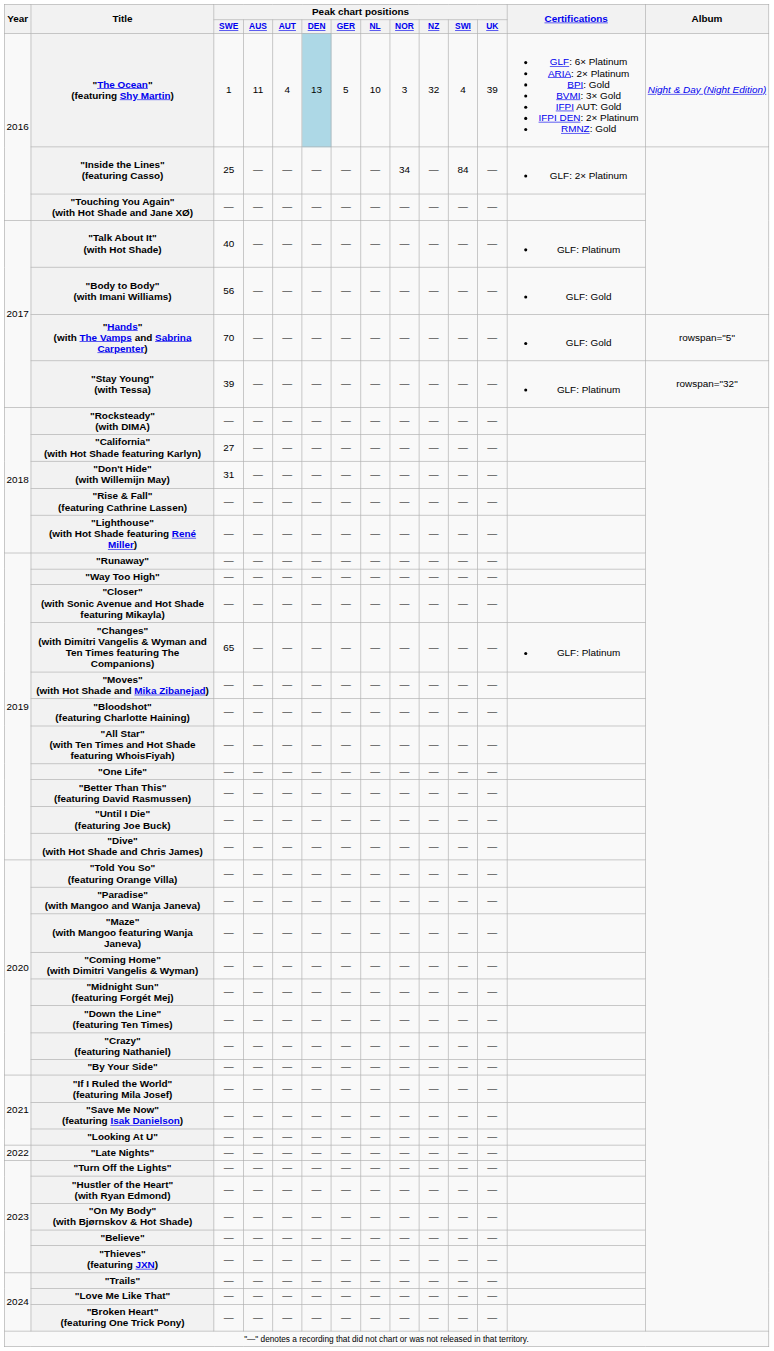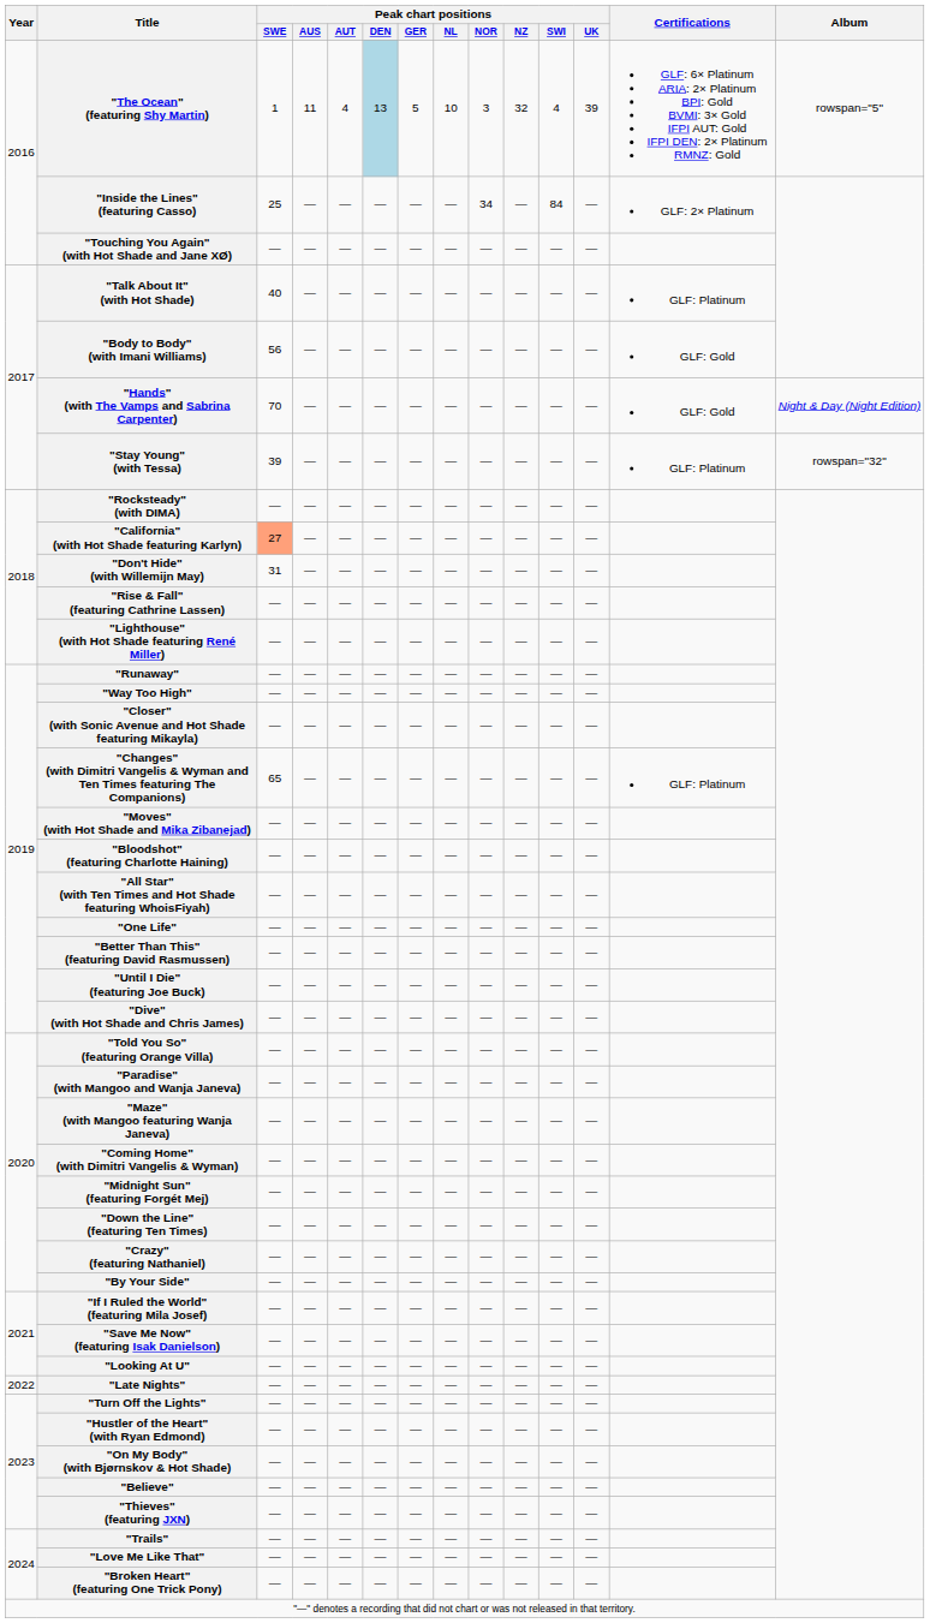 <table class="wikitable plainrowheaders" style="text-align:center;">
 <tr>
 <th scope="col" rowspan="2">Year</th>
 <th scope="col" rowspan="2" style="width:18em;">Title</th>
 <th scope="col" colspan="10">Peak chart positions</th>
 <th scope="col" rowspan="2" style="width:13.5em;"><a href='#'>Certifications</a></th>
 <th scope="col" rowspan="2">Album</th>
 </tr>
 <tr>
 <th scope="col" style="width:3em;font-size:85%;"><a href='#'>SWE</a><br></th>
 <th scope="col" style="width:3em;font-size:85%;"><a href='#'>AUS</a><br></th>
 <th scope="col" style="width:3em;font-size:85%;"><a href='#'>AUT</a><br></th>
 <th scope="col" style="width:3em;font-size:85%;"><a href='#'>DEN</a><br></th>
 <th scope="col" style="width:3em;font-size:85%;"><a href='#'>GER</a><br></th>
 <th scope="col" style="width:3em;font-size:85%;"><a href='#'>NL</a><br></th>
 <th scope="col" style="width:3em;font-size:85%;"><a href='#'>NOR</a><br></th>
 <th scope="col" style="width:3em;font-size:85%;"><a href='#'>NZ</a><br></th>
 <th scope="col" style="width:3em;font-size:85%;"><a href='#'>SWI</a><br></th>
 <th scope="col" style="width:3em;font-size:85%;"><a href='#'>UK</a><br></th>
 </tr>
 <tr>
 <td rowspan="3">2016</td>
 <th scope="row">"<a href='#'>The Ocean</a>"<br><span>(featuring <a href='#'>Shy Martin</a>)</span></th>
 <td>1</td>
 <td>11</td>
 <td>4</td>
 <td style="background: lightblue;">13</td>
 <td>5</td>
 <td>10</td>
 <td>3</td>
 <td>32</td>
 <td>4</td>
 <td>39</td>
 <td><br><ul><li><a href='#'>GLF</a>: 6× Platinum</li><li><a href='#'>ARIA</a>: 2× Platinum</li><li><a href='#'>BPI</a>: Gold</li><li><a href='#'>BVMI</a>: 3× Gold</li><li><a href='#'>IFPI</a> AUT: Gold</li><li><a href='#'>IFPI DEN</a>: 2× Platinum</li><li><a href='#'>RMNZ</a>: Gold</li></ul></td>
-<td><em><a href='#'>Night & Day (Night Edition)</a></em></td>
+<td>rowspan="5" </td>
 </tr>
 <tr>
 <th scope="row">"Inside the Lines"<br><span>(featuring Casso)</span></th>
 <td>25</td>
 <td>—</td>
 <td>—</td>
 <td>—</td>
 <td>—</td>
 <td>—</td>
 <td>34</td>
 <td>—</td>
 <td>84</td>
 <td>—</td>
 <td><br><ul><li>GLF: 2× Platinum</li></ul></td>
 </tr>
 <tr>
 <th scope="row">"Touching You Again"<br><span>(with Hot Shade and Jane XØ)</span></th>
 <td>—</td>
 <td>—</td>
 <td>—</td>
 <td>—</td>
 <td>—</td>
 <td>—</td>
 <td>—</td>
 <td>—</td>
 <td>—</td>
 <td>—</td>
 <td></td>
 </tr>
 <tr>
 <td rowspan="4">2017</td>
 <th scope="row">"Talk About It"<br><span>(with Hot Shade)</span></th>
 <td>40</td>
 <td>—</td>
 <td>—</td>
 <td>—</td>
 <td>—</td>
 <td>—</td>
 <td>—</td>
 <td>—</td>
 <td>—</td>
 <td>—</td>
 <td><br><ul><li>GLF: Platinum</li></ul></td>
 </tr>
 <tr>
 <th scope="row">"Body to Body"<br><span>(with Imani Williams)</span></th>
 <td>56</td>
 <td>—</td>
 <td>—</td>
 <td>—</td>
 <td>—</td>
 <td>—</td>
 <td>—</td>
 <td>—</td>
 <td>—</td>
 <td>—</td>
 <td><br><ul><li>GLF: Gold</li></ul></td>
 </tr>
 <tr>
 <th scope="row">"<a href='#'>Hands</a>" <br><span>(with <a href='#'>The Vamps</a> and <a href='#'>Sabrina Carpenter</a>)</span></th>
 <td>70</td>
 <td>—</td>
 <td>—</td>
 <td>—</td>
 <td>—</td>
 <td>—</td>
 <td>—</td>
 <td>—</td>
 <td>—</td>
 <td>—</td>
 <td><br><ul><li>GLF: Gold</li></ul></td>
-<td>rowspan="5" </td>
+<td><em><a href='#'>Night & Day (Night Edition)</a></em></td>
 </tr>
 <tr>
 <th scope="row">"Stay Young"<br><span>(with Tessa)</span></th>
 <td>39<br></td>
 <td>—</td>
 <td>—</td>
 <td>—</td>
 <td>—</td>
 <td>—</td>
 <td>—</td>
 <td>—</td>
 <td>—</td>
 <td>—</td>
 <td><br><ul><li>GLF: Platinum</li></ul></td>
 <td>rowspan="32" </td>
 </tr>
 <tr>
 <td rowspan="5">2018</td>
 <th scope="row">"Rocksteady"<br><span>(with DIMA)</span></th>
 <td>—</td>
 <td>—</td>
 <td>—</td>
 <td>—</td>
 <td>—</td>
 <td>—</td>
 <td>—</td>
 <td>—</td>
 <td>—</td>
 <td>—</td>
 <td></td>
 </tr>
 <tr>
 <th scope="row">"California"<br><span>(with Hot Shade featuring Karlyn)</span></th>
-<td>27</td>
+<td style="background: lightsalmon;">27</td>
 <td>—</td>
 <td>—</td>
 <td>—</td>
 <td>—</td>
 <td>—</td>
 <td>—</td>
 <td>—</td>
 <td>—</td>
 <td>—</td>
 <td></td>
 </tr>
 <tr>
 <th scope="row">"Don't Hide" <br><span>(with Willemijn May)</span></th>
 <td>31<br></td>
 <td>—</td>
 <td>—</td>
 <td>—</td>
 <td>—</td>
 <td>—</td>
 <td>—</td>
 <td>—</td>
 <td>—</td>
 <td>—</td>
 <td></td>
 </tr>
 <tr>
 <th scope="row">"Rise & Fall" <br><span>(featuring Cathrine Lassen)</span></th>
 <td>—</td>
 <td>—</td>
 <td>—</td>
 <td>—</td>
 <td>—</td>
 <td>—</td>
 <td>—</td>
 <td>—</td>
 <td>—</td>
 <td>—</td>
 <td></td>
 </tr>
 <tr>
 <th scope="row">"Lighthouse" <br><span>(with Hot Shade featuring <a href='#'>René Miller</a>)</span></th>
 <td>—</td>
 <td>—</td>
 <td>—</td>
 <td>—</td>
 <td>—</td>
 <td>—</td>
 <td>—</td>
 <td>—</td>
 <td>—</td>
 <td>—</td>
 <td></td>
 </tr>
 <tr>
 <td rowspan="11">2019</td>
 <th scope="row">"Runaway"</th>
 <td>—</td>
 <td>—</td>
 <td>—</td>
 <td>—</td>
 <td>—</td>
 <td>—</td>
 <td>—</td>
 <td>—</td>
 <td>—</td>
 <td>—</td>
 <td></td>
 </tr>
 <tr>
 <th scope="row">"Way Too High"</th>
 <td>—</td>
 <td>—</td>
 <td>—</td>
 <td>—</td>
 <td>—</td>
 <td>—</td>
 <td>—</td>
 <td>—</td>
 <td>—</td>
 <td>—</td>
 <td></td>
 </tr>
 <tr>
 <th scope="row">"Closer" <br><span>(with Sonic Avenue and Hot Shade featuring Mikayla)</span></th>
 <td>—</td>
 <td>—</td>
 <td>—</td>
 <td>—</td>
 <td>—</td>
 <td>—</td>
 <td>—</td>
 <td>—</td>
 <td>—</td>
 <td>—</td>
 <td></td>
 </tr>
 <tr>
 <th scope="row">"Changes" <br><span>(with Dimitri Vangelis & Wyman and Ten Times featuring The Companions)</span></th>
 <td>65</td>
 <td>—</td>
 <td>—</td>
 <td>—</td>
 <td>—</td>
 <td>—</td>
 <td>—</td>
 <td>—</td>
 <td>—</td>
 <td>—</td>
 <td><br><ul><li>GLF: Platinum</li></ul></td>
 </tr>
 <tr>
 <th scope="row">"Moves"<br><span>(with Hot Shade and <a href='#'>Mika Zibanejad</a>)</span></th>
 <td>—</td>
 <td>—</td>
 <td>—</td>
 <td>—</td>
 <td>—</td>
 <td>—</td>
 <td>—</td>
 <td>—</td>
 <td>—</td>
 <td>—</td>
 <td></td>
 </tr>
 <tr>
 <th scope="row">"Bloodshot" <br><span>(featuring Charlotte Haining)</span></th>
 <td>—</td>
 <td>—</td>
 <td>—</td>
 <td>—</td>
 <td>—</td>
 <td>—</td>
 <td>—</td>
 <td>—</td>
 <td>—</td>
 <td>—</td>
 <td></td>
 </tr>
 <tr>
 <th scope="row">"All Star" <br><span>(with Ten Times and Hot Shade featuring WhoisFiyah)</span></th>
 <td>—</td>
 <td>—</td>
 <td>—</td>
 <td>—</td>
 <td>—</td>
 <td>—</td>
 <td>—</td>
 <td>—</td>
 <td>—</td>
 <td>—</td>
 <td></td>
 </tr>
 <tr>
 <th scope="row">"One Life"</th>
 <td>—</td>
 <td>—</td>
 <td>—</td>
 <td>—</td>
 <td>—</td>
 <td>—</td>
 <td>—</td>
 <td>—</td>
 <td>—</td>
 <td>—</td>
 <td></td>
 </tr>
 <tr>
 <th scope="row">"Better Than This"<br><span>(featuring David Rasmussen)</span></th>
 <td>—</td>
 <td>—</td>
 <td>—</td>
 <td>—</td>
 <td>—</td>
 <td>—</td>
 <td>—</td>
 <td>—</td>
 <td>—</td>
 <td>—</td>
 <td></td>
 </tr>
 <tr>
 <th scope="row">"Until I Die"<br><span>(featuring Joe Buck)</span></th>
 <td>—</td>
 <td>—</td>
 <td>—</td>
 <td>—</td>
 <td>—</td>
 <td>—</td>
 <td>—</td>
 <td>—</td>
 <td>—</td>
 <td>—</td>
 <td></td>
 </tr>
 <tr>
 <th scope="row">"Dive"<br><span>(with Hot Shade and Chris James)</span></th>
 <td>—</td>
 <td>—</td>
 <td>—</td>
 <td>—</td>
 <td>—</td>
 <td>—</td>
 <td>—</td>
 <td>—</td>
 <td>—</td>
 <td>—</td>
 <td></td>
 </tr>
 <tr>
 <td rowspan="8">2020</td>
 <th scope="row">"Told You So"<br><span>(featuring Orange Villa)</span></th>
 <td>—</td>
 <td>—</td>
 <td>—</td>
 <td>—</td>
 <td>—</td>
 <td>—</td>
 <td>—</td>
 <td>—</td>
 <td>—</td>
 <td>—</td>
 <td></td>
 </tr>
 <tr>
 <th scope="row">"Paradise"<br><span>(with Mangoo and Wanja Janeva)</span></th>
 <td>—</td>
 <td>—</td>
 <td>—</td>
 <td>—</td>
 <td>—</td>
 <td>—</td>
 <td>—</td>
 <td>—</td>
 <td>—</td>
 <td>—</td>
 <td></td>
 </tr>
 <tr>
 <th scope="row">"Maze" <br><span>(with Mangoo featuring Wanja Janeva)</span></th>
 <td>—</td>
 <td>—</td>
 <td>—</td>
 <td>—</td>
 <td>—</td>
 <td>—</td>
 <td>—</td>
 <td>—</td>
 <td>—</td>
 <td>—</td>
 <td></td>
 </tr>
 <tr>
 <th scope="row">"Coming Home" <br><span>(with Dimitri Vangelis & Wyman)</span></th>
 <td>—</td>
 <td>—</td>
 <td>—</td>
 <td>—</td>
 <td>—</td>
 <td>—</td>
 <td>—</td>
 <td>—</td>
 <td>—</td>
 <td>—</td>
 <td></td>
 </tr>
 <tr>
 <th scope="row">"Midnight Sun"<br><span>(featuring Forgét Mej)</span></th>
 <td>—</td>
 <td>—</td>
 <td>—</td>
 <td>—</td>
 <td>—</td>
 <td>—</td>
 <td>—</td>
 <td>—</td>
 <td>—</td>
 <td>—</td>
 <td></td>
 </tr>
 <tr>
 <th scope="row">"Down the Line"<br><span>(featuring Ten Times)</span></th>
 <td>—</td>
 <td>—</td>
 <td>—</td>
 <td>—</td>
 <td>—</td>
 <td>—</td>
 <td>—</td>
 <td>—</td>
 <td>—</td>
 <td>—</td>
 <td></td>
 </tr>
 <tr>
 <th scope="row">"Crazy" <br><span>(featuring Nathaniel)</span></th>
 <td>—</td>
 <td>—</td>
 <td>—</td>
 <td>—</td>
 <td>—</td>
 <td>—</td>
 <td>—</td>
 <td>—</td>
 <td>—</td>
 <td>—</td>
 <td></td>
 </tr>
 <tr>
 <th scope="row">"By Your Side"</th>
 <td>—</td>
 <td>—</td>
 <td>—</td>
 <td>—</td>
 <td>—</td>
 <td>—</td>
 <td>—</td>
 <td>—</td>
 <td>—</td>
 <td>—</td>
 <td></td>
 </tr>
 <tr>
 <td rowspan="3">2021</td>
 <th scope="row">"If I Ruled the World"<br><span>(featuring Mila Josef)</span></th>
 <td>—</td>
 <td>—</td>
 <td>—</td>
 <td>—</td>
 <td>—</td>
 <td>—</td>
 <td>—</td>
 <td>—</td>
 <td>—</td>
 <td>—</td>
 <td></td>
 </tr>
 <tr>
 <th scope="row">"Save Me Now"<br><span>(featuring <a href='#'>Isak Danielson</a>)</span></th>
 <td>—</td>
 <td>—</td>
 <td>—</td>
 <td>—</td>
 <td>—</td>
 <td>—</td>
 <td>—</td>
 <td>—</td>
 <td>—</td>
 <td>—</td>
 <td></td>
 </tr>
 <tr>
 <th scope="row">"Looking At U"</th>
 <td>—</td>
 <td>—</td>
 <td>—</td>
 <td>—</td>
 <td>—</td>
 <td>—</td>
 <td>—</td>
 <td>—</td>
 <td>—</td>
 <td>—</td>
 <td></td>
 </tr>
 <tr>
 <td rowspan="1">2022</td>
 <th scope="row">"Late Nights"</th>
 <td>—</td>
 <td>—</td>
 <td>—</td>
 <td>—</td>
 <td>—</td>
 <td>—</td>
 <td>—</td>
 <td>—</td>
 <td>—</td>
 <td>—</td>
 <td></td>
 </tr>
 <tr>
 <td rowspan="5">2023</td>
 <th scope="row">"Turn Off the Lights"</th>
 <td>—</td>
 <td>—</td>
 <td>—</td>
 <td>—</td>
 <td>—</td>
 <td>—</td>
 <td>—</td>
 <td>—</td>
 <td>—</td>
 <td>—</td>
 <td></td>
 </tr>
 <tr>
 <th scope="row">"Hustler of the Heart"<br><span>(with Ryan Edmond)</span></th>
 <td>—</td>
 <td>—</td>
 <td>—</td>
 <td>—</td>
 <td>—</td>
 <td>—</td>
 <td>—</td>
 <td>—</td>
 <td>—</td>
 <td>—</td>
 <td></td>
 </tr>
 <tr>
 <th scope="row">"On My Body"<br><span>(with Bjørnskov & Hot Shade)</span></th>
 <td>—</td>
 <td>—</td>
 <td>—</td>
 <td>—</td>
 <td>—</td>
 <td>—</td>
 <td>—</td>
 <td>—</td>
 <td>—</td>
 <td>—</td>
 <td></td>
 </tr>
 <tr>
 <th scope="row">"Believe"</th>
 <td>—</td>
 <td>—</td>
 <td>—</td>
 <td>—</td>
 <td>—</td>
 <td>—</td>
 <td>—</td>
 <td>—</td>
 <td>—</td>
 <td>—</td>
 <td></td>
 </tr>
 <tr>
 <th scope="row">"Thieves"<br><span>(featuring <a href='#'>JXN</a>)</span></th>
 <td>—</td>
 <td>—</td>
 <td>—</td>
 <td>—</td>
 <td>—</td>
 <td>—</td>
 <td>—</td>
 <td>—</td>
 <td>—</td>
 <td>—</td>
 <td></td>
 </tr>
 <tr>
 <td rowspan="3">2024</td>
 <th scope="row">"Trails"</th>
 <td>—</td>
 <td>—</td>
 <td>—</td>
 <td>—</td>
 <td>—</td>
 <td>—</td>
 <td>—</td>
 <td>—</td>
 <td>—</td>
 <td>—</td>
 <td></td>
 </tr>
 <tr>
 <th scope="row">"Love Me Like That"</th>
 <td>—</td>
 <td>—</td>
 <td>—</td>
 <td>—</td>
 <td>—</td>
 <td>—</td>
 <td>—</td>
 <td>—</td>
 <td>—</td>
 <td>—</td>
 <td></td>
 </tr>
 <tr>
 <th scope="row">"Broken Heart"<br><span>(featuring One Trick Pony)</span></th>
 <td>—</td>
 <td>—</td>
 <td>—</td>
 <td>—</td>
 <td>—</td>
 <td>—</td>
 <td>—</td>
 <td>—</td>
 <td>—</td>
 <td>—</td>
 <td></td>
 </tr>
 <tr>
 <td colspan="14"><small>"—" denotes a recording that did not chart or was not released in that territory.</small></td>
 </tr>
 </table>
